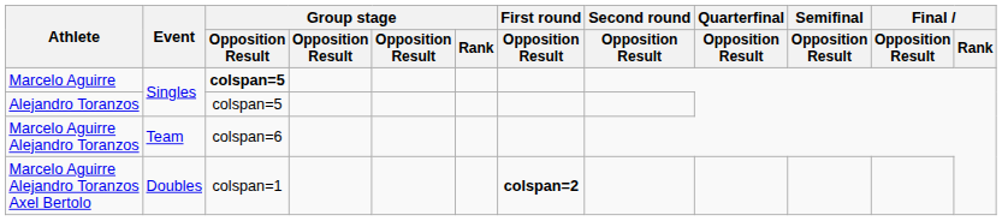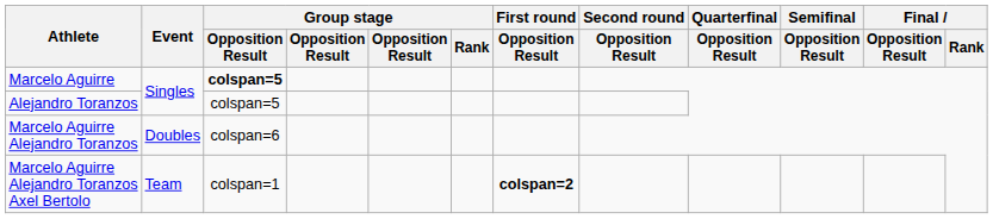 <table class=wikitable style=font-size:90%;text-align:center>
 <tr>
 <th rowspan=2>Athlete</th>
 <th rowspan=2>Event</th>
 <th colspan=4>Group stage</th>
 <th>First round</th>
 <th>Second round</th>
 <th>Quarterfinal</th>
 <th>Semifinal</th>
 <th colspan=2>Final / </th>
 </tr>
 <tr style=font-size:95%>
 <th>Opposition<br>Result</th>
 <th>Opposition<br>Result</th>
 <th>Opposition<br>Result</th>
 <th>Rank</th>
 <th>Opposition<br>Result</th>
 <th>Opposition<br>Result</th>
 <th>Opposition<br>Result</th>
 <th>Opposition<br>Result</th>
 <th>Opposition<br>Result</th>
 <th>Rank</th>
 </tr>
 <tr>
 <td align=left><a href='#'>Marcelo Aguirre</a></td>
 <td align=left rowspan=2><a href='#'>Singles</a></td>
 <td><strong>colspan=5 </strong></td>
 <td></td>
 <td></td>
 <td></td>
 <td></td>
 </tr>
 <tr>
 <td align=left><a href='#'>Alejandro Toranzos</a></td>
 <td>colspan=5 </td>
 <td></td>
 <td></td>
 <td></td>
 <td></td>
 <td></td>
 </tr>
 <tr>
 <td align=left><a href='#'>Marcelo Aguirre</a><br><a href='#'>Alejandro Toranzos</a></td>
-<td align=left><a href='#'>Team</a></td>
+<td align=left><a href='#'>Doubles</a></td>
 <td>colspan=6 </td>
 <td></td>
 <td></td>
 <td></td>
 <td></td>
 </tr>
 <tr>
 <td align=left><a href='#'>Marcelo Aguirre</a><br><a href='#'>Alejandro Toranzos</a><br><a href='#'>Axel Bertolo</a></td>
-<td align=left><a href='#'>Doubles</a></td>
+<td align=left><a href='#'>Team</a></td>
 <td>colspan=1 </td>
 <td></td>
 <td></td>
 <td></td>
 <td><strong>colspan=2 </strong></td>
 <td></td>
 <td></td>
 <td></td>
 <td></td>
 </tr>
 </table>
